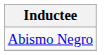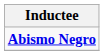 <table class="wikitable">
 <tr>
 <th>Inductee</th>
 </tr>
 <tr>
-<td><a href='#'>Abismo Negro</a></td>
+<td><strong><a href='#'>Abismo Negro</a></strong></td>
 </tr>
 <tr>
 </tr>
 </table>
